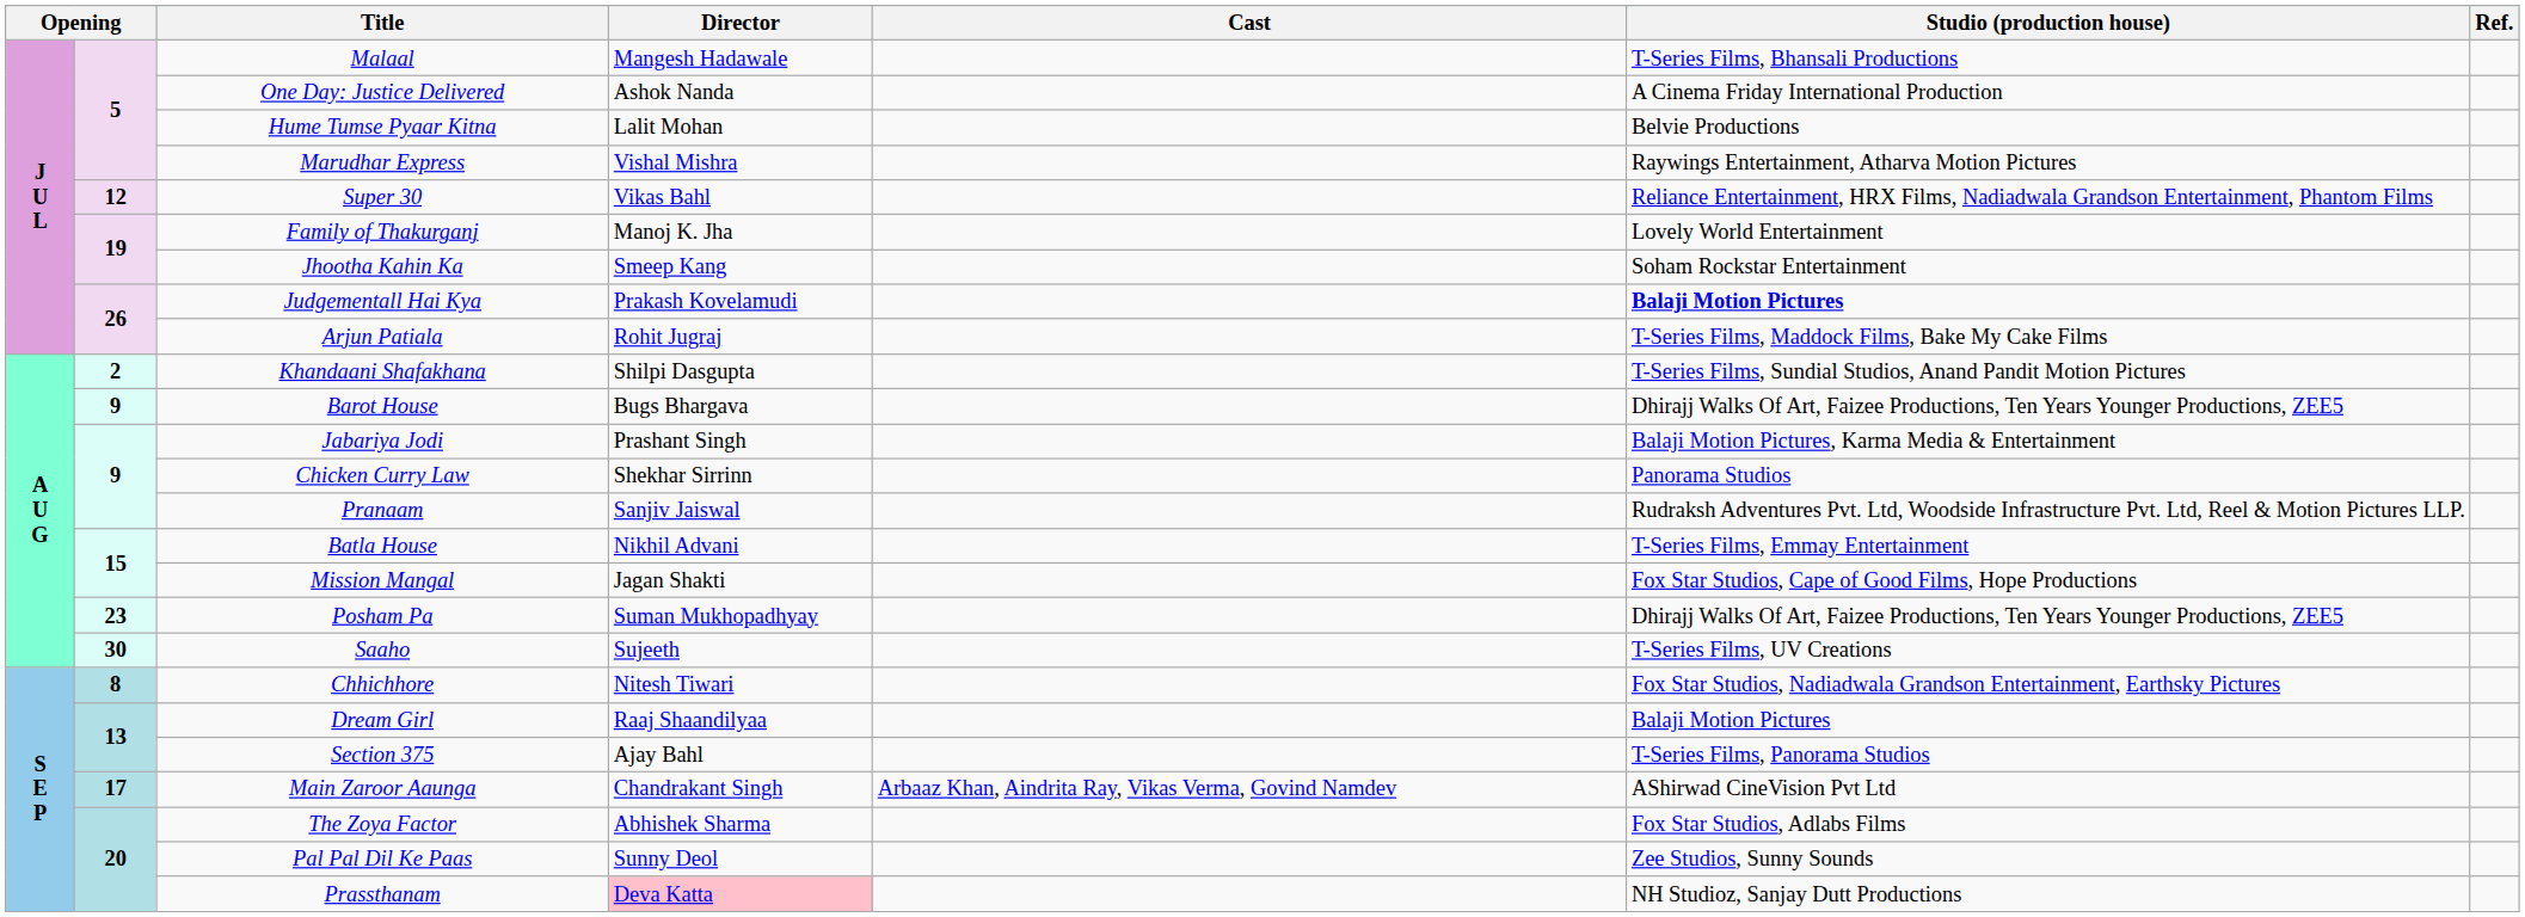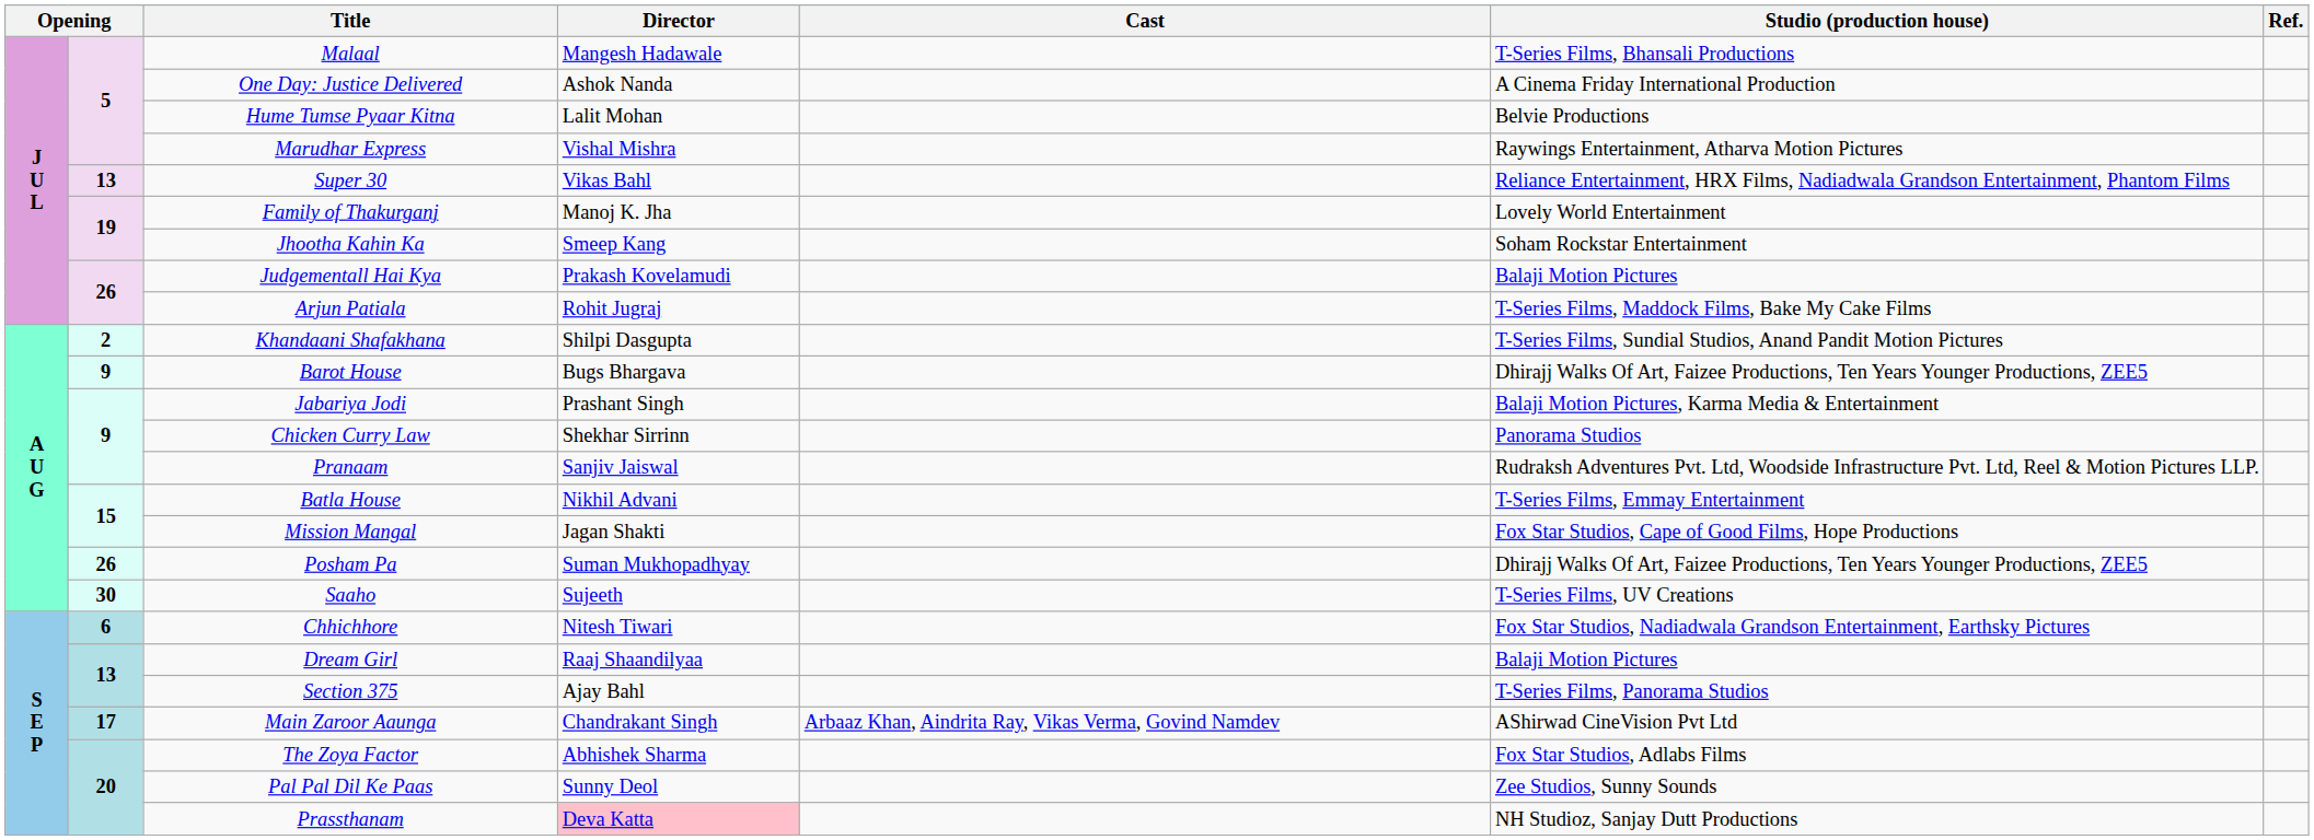 <table class="wikitable">
 <tr style="background:#b0e0e6; text-align:center;">
 <th colspan="2" style="width:6%;"><strong>Opening</strong></th>
 <th style="width:18%;"><strong>Title</strong></th>
 <th style="width:10.5%;">Director</th>
 <th style="width:30%;"><strong>Cast</strong></th>
 <th>Studio (production house)</th>
 <th>Ref.</th>
 </tr>
 <tr>
 <td rowspan="9" style="text-align:center; background:plum;"><strong>J<br>U<br>L</strong></td>
 <td rowspan="4" style="text-align:center;background:#f1daf1;"><strong>5</strong></td>
 <td style="text-align:center;"><em><a href='#'>Malaal</a></em></td>
 <td><a href='#'>Mangesh Hadawale</a></td>
 <td></td>
 <td><a href='#'>T-Series Films</a>, <a href='#'>Bhansali Productions</a></td>
 <td></td>
 </tr>
 <tr>
 <td style="text-align:center;"><em><a href='#'>One Day: Justice Delivered</a></em></td>
 <td>Ashok Nanda</td>
 <td></td>
 <td>A Cinema Friday International Production</td>
 <td></td>
 </tr>
 <tr>
 <td style="text-align:center;"><em><a href='#'>Hume Tumse Pyaar Kitna</a></em></td>
 <td>Lalit Mohan</td>
 <td></td>
 <td>Belvie Productions</td>
 <td></td>
 </tr>
 <tr>
 <td style="text-align:center;"><em><a href='#'>Marudhar Express</a></em></td>
 <td><a href='#'>Vishal Mishra</a></td>
 <td></td>
 <td>Raywings Entertainment, Atharva Motion Pictures</td>
 <td></td>
 </tr>
 <tr>
-<td style="text-align:center; background:#f1daf1;"><strong>12</strong></td>
+<td style="text-align:center; background:#f1daf1;"><strong>13</strong></td>
 <td style="text-align:center;"><em><a href='#'>Super 30</a></em></td>
 <td><a href='#'>Vikas Bahl</a></td>
 <td></td>
 <td><a href='#'>Reliance Entertainment</a>, HRX Films, <a href='#'>Nadiadwala Grandson Entertainment</a>, <a href='#'>Phantom Films</a></td>
 <td></td>
 </tr>
 <tr>
 <td rowspan="2" style="text-align:center;background:#f1daf1;"><strong>19</strong></td>
 <td style="text-align:center;"><em><a href='#'>Family of Thakurganj</a></em></td>
 <td>Manoj K. Jha</td>
 <td></td>
 <td>Lovely World Entertainment</td>
 <td></td>
 </tr>
 <tr>
 <td style="text-align:center;"><em><a href='#'>Jhootha Kahin Ka</a></em></td>
 <td><a href='#'>Smeep Kang</a></td>
 <td></td>
 <td>Soham Rockstar Entertainment</td>
 <td></td>
 </tr>
 <tr>
 <td rowspan="2" style="text-align:center;background:#f1daf1;"><strong>26</strong></td>
 <td style="text-align:center;"><em><a href='#'>Judgementall Hai Kya</a></em></td>
 <td><a href='#'>Prakash Kovelamudi</a></td>
 <td></td>
-<td><strong><a href='#'>Balaji Motion Pictures</a></strong></td>
+<td><a href='#'>Balaji Motion Pictures</a></td>
 <td></td>
 </tr>
 <tr>
 <td style="text-align:center;"><em><a href='#'>Arjun Patiala</a></em></td>
 <td><a href='#'>Rohit Jugraj</a></td>
 <td></td>
 <td><a href='#'>T-Series Films</a>, <a href='#'>Maddock Films</a>, Bake My Cake Films</td>
 <td></td>
 </tr>
 <tr>
 <td rowspan="9" style="text-align:center; background:#7FFFD4; textcolor:#000;"><strong>A<br>U<br>G</strong></td>
 <td style="text-align:center; background:#dbfff8;"><strong>2</strong></td>
 <td style="text-align:center;"><em><a href='#'>Khandaani Shafakhana</a></em></td>
 <td>Shilpi Dasgupta</td>
 <td></td>
 <td><a href='#'>T-Series Films</a>, Sundial Studios, Anand Pandit Motion Pictures</td>
 <td></td>
 </tr>
 <tr>
 <td style="text-align:center;background:#dbfff8;"><strong>9</strong></td>
 <td style="text-align:center;"><em><a href='#'>Barot House</a></em></td>
 <td>Bugs Bhargava</td>
 <td></td>
 <td>Dhirajj Walks Of Art, Faizee Productions, Ten Years Younger Productions, <a href='#'>ZEE5</a></td>
 <td></td>
 </tr>
 <tr>
 <td rowspan="3" style="text-align:center;background:#dbfff8;"><strong>9</strong></td>
 <td style="text-align:center;"><em><a href='#'>Jabariya Jodi</a></em></td>
 <td>Prashant Singh</td>
 <td></td>
 <td><a href='#'>Balaji Motion Pictures</a>, Karma Media & Entertainment</td>
 <td></td>
 </tr>
 <tr>
 <td style="text-align:center;"><em><a href='#'>Chicken Curry Law</a></em></td>
 <td>Shekhar Sirrinn</td>
 <td></td>
 <td><a href='#'>Panorama Studios</a></td>
 <td></td>
 </tr>
 <tr>
 <td style="text-align:center;"><em><a href='#'>Pranaam</a></em></td>
 <td><a href='#'>Sanjiv Jaiswal</a></td>
 <td></td>
 <td>Rudraksh Adventures Pvt. Ltd, Woodside Infrastructure Pvt. Ltd, Reel & Motion Pictures LLP.</td>
 <td></td>
 </tr>
 <tr>
 <td rowspan="2" style="text-align:center;background:#dbfff8;"><strong>15</strong></td>
 <td style="text-align:center;"><em><a href='#'>Batla House</a></em></td>
 <td><a href='#'>Nikhil Advani</a></td>
 <td></td>
 <td><a href='#'>T-Series Films</a>, <a href='#'>Emmay Entertainment</a></td>
 <td></td>
 </tr>
 <tr>
 <td style="text-align:center;"><em><a href='#'>Mission Mangal</a></em></td>
 <td>Jagan Shakti</td>
 <td></td>
 <td><a href='#'>Fox Star Studios</a>, <a href='#'>Cape of Good Films</a>, Hope Productions</td>
 <td></td>
 </tr>
 <tr>
-<td style="text-align:center; background:#dbfff8;"><strong>23</strong></td>
+<td style="text-align:center; background:#dbfff8;"><strong>26</strong></td>
 <td style="text-align:center;"><em> <a href='#'>Posham Pa</a></em></td>
 <td><a href='#'>Suman Mukhopadhyay</a></td>
 <td></td>
 <td>Dhirajj Walks Of Art, Faizee Productions, Ten Years Younger Productions, <a href='#'>ZEE5</a></td>
 <td></td>
 </tr>
 <tr>
 <td style="text-align:center; background:#dbfff8;"><strong>30</strong></td>
 <td style="text-align:center;"><em><a href='#'>Saaho</a></em></td>
 <td><a href='#'>Sujeeth</a></td>
 <td></td>
 <td><a href='#'>T-Series Films</a>, UV Creations</td>
 <td></td>
 </tr>
 <tr>
 <td rowspan="8" style="text-align:center; background:#93CCEA; textcolor:#000;"><strong>S<br>E<br>P</strong></td>
-<td style="text-align:center; background:#b0e0e6;"><strong>8</strong></td>
+<td style="text-align:center; background:#b0e0e6;"><strong>6</strong></td>
 <td style="text-align:center;"><em><a href='#'>Chhichhore</a></em></td>
 <td><a href='#'>Nitesh Tiwari</a></td>
 <td></td>
 <td><a href='#'>Fox Star Studios</a>, <a href='#'>Nadiadwala Grandson Entertainment</a>, <a href='#'>Earthsky Pictures</a></td>
 <td></td>
 </tr>
 <tr>
 <td rowspan="2" style="text-align:center;background:#B0E0E6;"><strong>13</strong></td>
 <td style="text-align:center;"><em><a href='#'>Dream Girl</a></em></td>
 <td><a href='#'>Raaj Shaandilyaa</a></td>
 <td></td>
 <td><a href='#'>Balaji Motion Pictures</a></td>
 <td></td>
 </tr>
 <tr>
 <td style="text-align:center;"><em><a href='#'>Section 375</a></em></td>
 <td>Ajay Bahl</td>
 <td></td>
 <td><a href='#'>T-Series Films</a>, <a href='#'>Panorama Studios</a></td>
 <td></td>
 </tr>
 <tr>
 <td rowspan="1" style="text-align:center;background:#B0E0E6;"><strong>17</strong></td>
 <td style="text-align:center;"><em><a href='#'>Main Zaroor Aaunga</a></em></td>
 <td><a href='#'>Chandrakant Singh</a></td>
 <td><a href='#'>Arbaaz Khan</a>, <a href='#'>Aindrita Ray</a>, <a href='#'>Vikas Verma</a>, <a href='#'>Govind Namdev</a></td>
 <td>AShirwad CineVision Pvt Ltd</td>
 <td></td>
 </tr>
 <tr>
 <td rowspan="3" style="text-align:center;background:#B0E0E6;"><strong>20</strong></td>
 <td style="text-align:center;"><em><a href='#'>The Zoya Factor</a></em></td>
 <td><a href='#'>Abhishek Sharma</a></td>
 <td></td>
 <td><a href='#'>Fox Star Studios</a>, Adlabs Films</td>
 <td></td>
 </tr>
 <tr>
 <td style="text-align:center;"><em><a href='#'>Pal Pal Dil Ke Paas</a></em></td>
 <td><a href='#'>Sunny Deol</a></td>
 <td></td>
 <td><a href='#'>Zee Studios</a>, Sunny Sounds</td>
 <td></td>
 </tr>
 <tr>
 <td style="text-align:center;"><em><a href='#'>Prassthanam</a></em></td>
 <td style="background: pink;"><a href='#'>Deva Katta</a></td>
 <td></td>
 <td>NH Studioz, Sanjay Dutt Productions</td>
 <td></td>
 </tr>
 </table>
